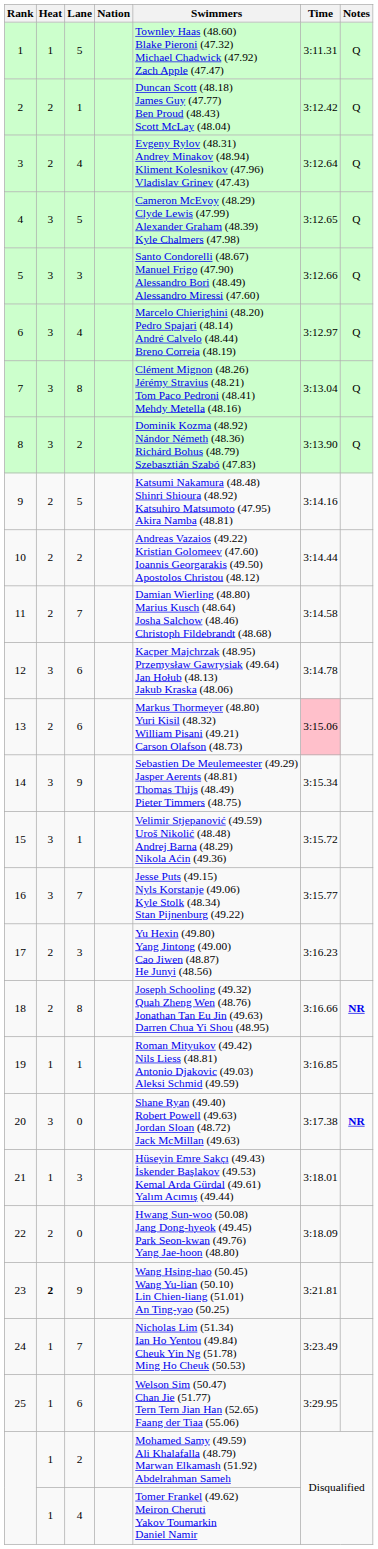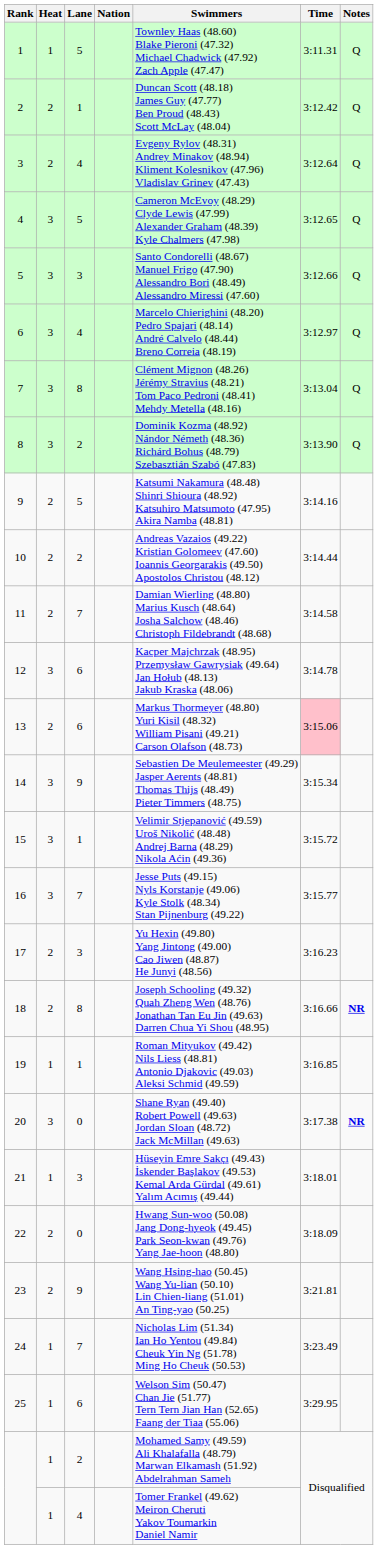 <table class="wikitable sortable" style="text-align:center">
 <tr>
 <th>Rank</th>
 <th>Heat</th>
 <th>Lane</th>
 <th>Nation</th>
 <th>Swimmers</th>
 <th>Time</th>
 <th>Notes</th>
 </tr>
 <tr bgcolor=ccffcc>
 <td>1</td>
 <td>1</td>
 <td>5</td>
 <td align=left></td>
 <td align=left><a href='#'>Townley Haas</a> (48.60)<br><a href='#'>Blake Pieroni</a> (47.32)<br><a href='#'>Michael Chadwick</a> (47.92)<br><a href='#'>Zach Apple</a> (47.47)</td>
 <td>3:11.31</td>
 <td>Q</td>
 </tr>
 <tr bgcolor=ccffcc>
 <td>2</td>
 <td>2</td>
 <td>1</td>
 <td align=left></td>
 <td align=left><a href='#'>Duncan Scott</a> (48.18)<br><a href='#'>James Guy</a> (47.77)<br><a href='#'>Ben Proud</a> (48.43)<br><a href='#'>Scott McLay</a> (48.04)</td>
 <td>3:12.42</td>
 <td>Q</td>
 </tr>
 <tr bgcolor=ccffcc>
 <td>3</td>
 <td>2</td>
 <td>4</td>
 <td align=left></td>
 <td align=left><a href='#'>Evgeny Rylov</a> (48.31)<br><a href='#'>Andrey Minakov</a> (48.94)<br><a href='#'>Kliment Kolesnikov</a> (47.96)<br><a href='#'>Vladislav Grinev</a> (47.43)</td>
 <td>3:12.64</td>
 <td>Q</td>
 </tr>
 <tr bgcolor=ccffcc>
 <td>4</td>
 <td>3</td>
 <td>5</td>
 <td align=left></td>
 <td align=left><a href='#'>Cameron McEvoy</a> (48.29)<br><a href='#'>Clyde Lewis</a> (47.99)<br><a href='#'>Alexander Graham</a> (48.39)<br><a href='#'>Kyle Chalmers</a> (47.98)</td>
 <td>3:12.65</td>
 <td>Q</td>
 </tr>
 <tr bgcolor=ccffcc>
 <td>5</td>
 <td>3</td>
 <td>3</td>
 <td align=left></td>
 <td align=left><a href='#'>Santo Condorelli</a> (48.67)<br><a href='#'>Manuel Frigo</a> (47.90)<br><a href='#'>Alessandro Bori</a> (48.49)<br><a href='#'>Alessandro Miressi</a> (47.60)</td>
 <td>3:12.66</td>
 <td>Q</td>
 </tr>
 <tr bgcolor=ccffcc>
 <td>6</td>
 <td>3</td>
 <td>4</td>
 <td align=left></td>
 <td align=left><a href='#'>Marcelo Chierighini</a> (48.20)<br><a href='#'>Pedro Spajari</a> (48.14)<br><a href='#'>André Calvelo</a> (48.44)<br><a href='#'>Breno Correia</a> (48.19)</td>
 <td>3:12.97</td>
 <td>Q</td>
 </tr>
 <tr bgcolor=ccffcc>
 <td>7</td>
 <td>3</td>
 <td>8</td>
 <td align=left></td>
 <td align=left><a href='#'>Clément Mignon</a> (48.26)<br><a href='#'>Jérémy Stravius</a> (48.21)<br><a href='#'>Tom Paco Pedroni</a> (48.41)<br><a href='#'>Mehdy Metella</a> (48.16)</td>
 <td>3:13.04</td>
 <td>Q</td>
 </tr>
 <tr bgcolor=ccffcc>
 <td>8</td>
 <td>3</td>
 <td>2</td>
 <td align=left></td>
 <td align=left><a href='#'>Dominik Kozma</a> (48.92)<br><a href='#'>Nándor Németh</a> (48.36)<br><a href='#'>Richárd Bohus</a> (48.79)<br><a href='#'>Szebasztián Szabó</a> (47.83)</td>
 <td>3:13.90</td>
 <td>Q</td>
 </tr>
 <tr>
 <td>9</td>
 <td>2</td>
 <td>5</td>
 <td align=left></td>
 <td align=left><a href='#'>Katsumi Nakamura</a> (48.48)<br><a href='#'>Shinri Shioura</a> (48.92)<br><a href='#'>Katsuhiro Matsumoto</a> (47.95)<br><a href='#'>Akira Namba</a> (48.81)</td>
 <td>3:14.16</td>
 <td></td>
 </tr>
 <tr>
 <td>10</td>
 <td>2</td>
 <td>2</td>
 <td align=left></td>
 <td align=left><a href='#'>Andreas Vazaios</a> (49.22)<br><a href='#'>Kristian Golomeev</a> (47.60)<br><a href='#'>Ioannis Georgarakis</a> (49.50)<br><a href='#'>Apostolos Christou</a> (48.12)</td>
 <td>3:14.44</td>
 <td></td>
 </tr>
 <tr>
 <td>11</td>
 <td>2</td>
 <td>7</td>
 <td align=left></td>
 <td align=left><a href='#'>Damian Wierling</a> (48.80)<br><a href='#'>Marius Kusch</a> (48.64)<br><a href='#'>Josha Salchow</a> (48.46)<br><a href='#'>Christoph Fildebrandt</a> (48.68)</td>
 <td>3:14.58</td>
 <td></td>
 </tr>
 <tr>
 <td>12</td>
 <td>3</td>
 <td>6</td>
 <td align=left></td>
 <td align=left><a href='#'>Kacper Majchrzak</a> (48.95)<br><a href='#'>Przemysław Gawrysiak</a> (49.64)<br><a href='#'>Jan Hołub</a> (48.13)<br><a href='#'>Jakub Kraska</a> (48.06)</td>
 <td>3:14.78</td>
 <td></td>
 </tr>
 <tr>
 <td>13</td>
 <td>2</td>
 <td>6</td>
 <td align=left></td>
 <td align=left><a href='#'>Markus Thormeyer</a> (48.80)<br><a href='#'>Yuri Kisil</a> (48.32)<br><a href='#'>William Pisani</a> (49.21)<br><a href='#'>Carson Olafson</a> (48.73)</td>
 <td style="background: pink;">3:15.06</td>
 <td></td>
 </tr>
 <tr>
 <td>14</td>
 <td>3</td>
 <td>9</td>
 <td align=left></td>
 <td align=left><a href='#'>Sebastien De Meulemeester</a> (49.29)<br><a href='#'>Jasper Aerents</a> (48.81)<br><a href='#'>Thomas Thijs</a> (48.49)<br><a href='#'>Pieter Timmers</a> (48.75)</td>
 <td>3:15.34</td>
 <td></td>
 </tr>
 <tr>
 <td>15</td>
 <td>3</td>
 <td>1</td>
 <td align=left></td>
 <td align=left><a href='#'>Velimir Stjepanović</a> (49.59)<br><a href='#'>Uroš Nikolić</a> (48.48)<br><a href='#'>Andrej Barna</a> (48.29)<br><a href='#'>Nikola Aćin</a> (49.36)</td>
 <td>3:15.72</td>
 <td></td>
 </tr>
 <tr>
 <td>16</td>
 <td>3</td>
 <td>7</td>
 <td align=left></td>
 <td align=left><a href='#'>Jesse Puts</a> (49.15)<br><a href='#'>Nyls Korstanje</a> (49.06)<br><a href='#'>Kyle Stolk</a> (48.34)<br><a href='#'>Stan Pijnenburg</a> (49.22)</td>
 <td>3:15.77</td>
 <td></td>
 </tr>
 <tr>
 <td>17</td>
 <td>2</td>
 <td>3</td>
 <td align=left></td>
 <td align=left><a href='#'>Yu Hexin</a> (49.80)<br><a href='#'>Yang Jintong</a> (49.00)<br><a href='#'>Cao Jiwen</a> (48.87)<br><a href='#'>He Junyi</a> (48.56)</td>
 <td>3:16.23</td>
 <td></td>
 </tr>
 <tr>
 <td>18</td>
 <td>2</td>
 <td>8</td>
 <td align=left></td>
 <td align=left><a href='#'>Joseph Schooling</a> (49.32)<br><a href='#'>Quah Zheng Wen</a> (48.76)<br><a href='#'>Jonathan Tan Eu Jin</a> (49.63)<br><a href='#'>Darren Chua Yi Shou</a> (48.95)</td>
 <td>3:16.66</td>
 <td><strong><a href='#'>NR</a></strong></td>
 </tr>
 <tr>
 <td>19</td>
 <td>1</td>
 <td>1</td>
 <td align=left></td>
 <td align=left><a href='#'>Roman Mityukov</a> (49.42)<br><a href='#'>Nils Liess</a> (48.81)<br><a href='#'>Antonio Djakovic</a> (49.03)<br><a href='#'>Aleksi Schmid</a> (49.59)</td>
 <td>3:16.85</td>
 <td></td>
 </tr>
 <tr>
 <td>20</td>
 <td>3</td>
 <td>0</td>
 <td align=left></td>
 <td align=left><a href='#'>Shane Ryan</a> (49.40)<br><a href='#'>Robert Powell</a> (49.63)<br><a href='#'>Jordan Sloan</a> (48.72)<br><a href='#'>Jack McMillan</a> (49.63)</td>
 <td>3:17.38</td>
 <td><strong><a href='#'>NR</a></strong></td>
 </tr>
 <tr>
 <td>21</td>
 <td>1</td>
 <td>3</td>
 <td align=left></td>
 <td align=left><a href='#'>Hüseyin Emre Sakçı</a> (49.43)<br><a href='#'>İskender Başlakov</a> (49.53)<br><a href='#'>Kemal Arda Gürdal</a> (49.61)<br><a href='#'>Yalım Acımış</a> (49.44)</td>
 <td>3:18.01</td>
 <td></td>
 </tr>
 <tr>
 <td>22</td>
 <td>2</td>
 <td>0</td>
 <td align=left></td>
 <td align=left><a href='#'>Hwang Sun-woo</a> (50.08)<br><a href='#'>Jang Dong-hyeok</a> (49.45)<br><a href='#'>Park Seon-kwan</a> (49.76)<br><a href='#'>Yang Jae-hoon</a> (48.80)</td>
 <td>3:18.09</td>
 <td></td>
 </tr>
 <tr>
 <td>23</td>
-<td><strong>2</strong></td>
+<td>2</td>
 <td>9</td>
 <td align=left></td>
 <td align=left><a href='#'>Wang Hsing-hao</a> (50.45)<br><a href='#'>Wang Yu-lian</a> (50.10)<br><a href='#'>Lin Chien-liang</a> (51.01)<br><a href='#'>An Ting-yao</a> (50.25)</td>
 <td>3:21.81</td>
 <td></td>
 </tr>
 <tr>
 <td>24</td>
 <td>1</td>
 <td>7</td>
 <td align=left></td>
 <td align=left><a href='#'>Nicholas Lim</a> (51.34)<br><a href='#'>Ian Ho Yentou</a> (49.84)<br><a href='#'>Cheuk Yin Ng</a> (51.78)<br><a href='#'>Ming Ho Cheuk</a> (50.53)</td>
 <td>3:23.49</td>
 <td></td>
 </tr>
 <tr>
 <td>25</td>
 <td>1</td>
 <td>6</td>
 <td align=left></td>
 <td align=left><a href='#'>Welson Sim</a> (50.47)<br><a href='#'>Chan Jie</a> (51.77)<br><a href='#'>Tern Tern Jian Han</a> (52.65)<br><a href='#'>Faang der Tiaa</a> (55.06)</td>
 <td>3:29.95</td>
 <td></td>
 </tr>
 <tr>
 <td rowspan=2></td>
 <td>1</td>
 <td>2</td>
 <td align=left></td>
 <td align=left><a href='#'>Mohamed Samy</a> (49.59)<br><a href='#'>Ali Khalafalla</a> (48.79)<br><a href='#'>Marwan Elkamash</a> (51.92)<br><a href='#'>Abdelrahman Sameh</a></td>
 <td colspan=2 rowspan=2>Disqualified</td>
 </tr>
 <tr>
 <td>1</td>
 <td>4</td>
 <td align=left></td>
 <td align=left><a href='#'>Tomer Frankel</a> (49.62)<br><a href='#'>Meiron Cheruti</a> <br><a href='#'>Yakov Toumarkin</a><br><a href='#'>Daniel Namir</a></td>
 </tr>
 </table>
